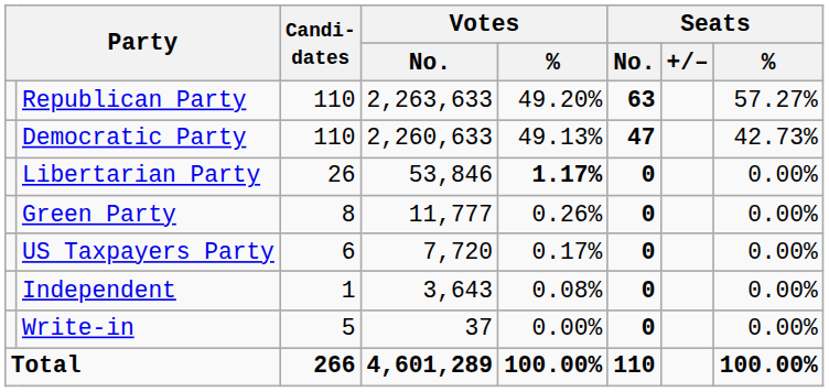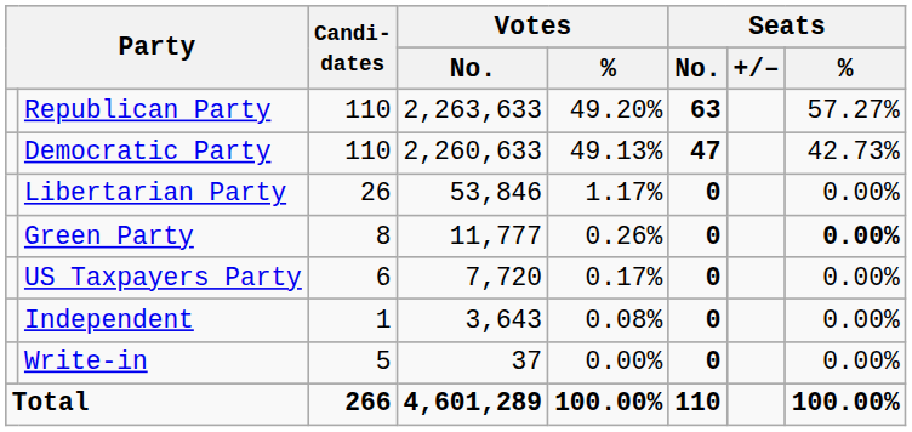 <table class="wikitable" style="font-size:100%; text-align:right;">
 <tr>
 <th colspan=2 rowspan=2>Party</th>
 <th rowspan=2><small>Candi-<br>dates</small></th>
 <th colspan=2>Votes</th>
 <th colspan=3>Seats</th>
 </tr>
 <tr>
 <th>No.</th>
 <th>%</th>
 <th>No.</th>
 <th>+/–</th>
 <th>%</th>
 </tr>
 <tr>
 <td style="background:"></td>
 <td align=left><a href='#'>Republican Party</a></td>
 <td>110</td>
 <td>2,263,633</td>
 <td>49.20%</td>
 <td><strong>63</strong></td>
 <td></td>
 <td>57.27%</td>
 </tr>
 <tr>
 <td style="background:"></td>
 <td align=left><a href='#'>Democratic Party</a></td>
 <td>110</td>
 <td>2,260,633</td>
 <td>49.13%</td>
 <td><strong>47</strong></td>
 <td></td>
 <td>42.73%</td>
 </tr>
 <tr>
 <td style="background:"></td>
 <td align=left><a href='#'>Libertarian Party</a></td>
 <td>26</td>
 <td>53,846</td>
-<td><strong>1.17%</strong></td>
+<td>1.17%</td>
 <td><strong>0</strong></td>
 <td></td>
 <td>0.00%</td>
 </tr>
 <tr>
 <td style="background:"></td>
 <td align=left><a href='#'>Green Party</a></td>
 <td>8</td>
 <td>11,777</td>
 <td>0.26%</td>
 <td><strong>0</strong></td>
 <td></td>
-<td>0.00%</td>
+<td><strong>0.00%</strong></td>
 </tr>
 <tr>
 <td style="background:"></td>
 <td align=left><a href='#'>US Taxpayers Party</a></td>
 <td>6</td>
 <td>7,720</td>
 <td>0.17%</td>
 <td><strong>0</strong></td>
 <td></td>
 <td>0.00%</td>
 </tr>
 <tr>
 <td style="background:"></td>
 <td align=left><a href='#'>Independent</a></td>
 <td>1</td>
 <td>3,643</td>
 <td>0.08%</td>
 <td><strong>0</strong></td>
 <td></td>
 <td>0.00%</td>
 </tr>
 <tr>
 <td style="background:"></td>
 <td align=left><a href='#'>Write-in</a></td>
 <td>5</td>
 <td>37</td>
 <td>0.00%</td>
 <td><strong>0</strong></td>
 <td></td>
 <td>0.00%</td>
 </tr>
 <tr style="font-weight:bold">
 <td colspan=2 align=left>Total</td>
 <td>266</td>
 <td>4,601,289</td>
 <td>100.00%</td>
 <td>110</td>
 <td></td>
 <td>100.00%</td>
 </tr>
 </table>
